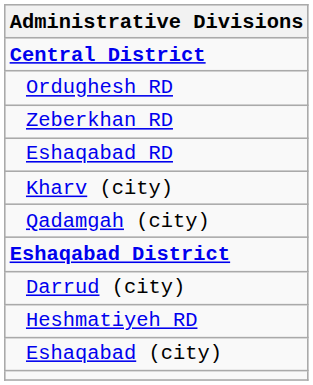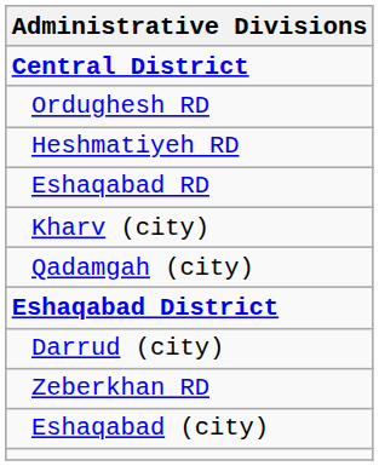 <table class="wikitable">
 <tr>
 <th>Administrative Divisions</th>
 </tr>
 <tr>
 <td><strong><a href='#'>Central District</a></strong></td>
 </tr>
 <tr>
 <td style="padding-left: 1em;"><a href='#'>Ordughesh RD</a></td>
 </tr>
 <tr>
-<td style="padding-left: 1em;"><a href='#'>Zeberkhan RD</a></td>
+<td style="padding-left: 1em;"><a href='#'>Heshmatiyeh RD</a></td>
 </tr>
 <tr>
 <td style="padding-left: 1em;"><a href='#'>Eshaqabad RD</a></td>
 </tr>
 <tr>
 <td style="padding-left: 1em;"><a href='#'>Kharv</a> (city)</td>
 </tr>
 <tr>
 <td style="padding-left: 1em;"><a href='#'>Qadamgah</a> (city)</td>
 </tr>
 <tr>
 <td><strong><a href='#'>Eshaqabad District</a></strong></td>
 </tr>
 <tr>
 <td style="padding-left: 1em;"><a href='#'>Darrud</a> (city)</td>
 </tr>
 <tr>
-<td style="padding-left: 1em;"><a href='#'>Heshmatiyeh RD</a></td>
+<td style="padding-left: 1em;"><a href='#'>Zeberkhan RD</a></td>
 </tr>
 <tr>
 <td style="padding-left: 1em;"><a href='#'>Eshaqabad</a> (city)</td>
 </tr>
 <tr>
 <td colspan=1></td>
 </tr>
 </table>
